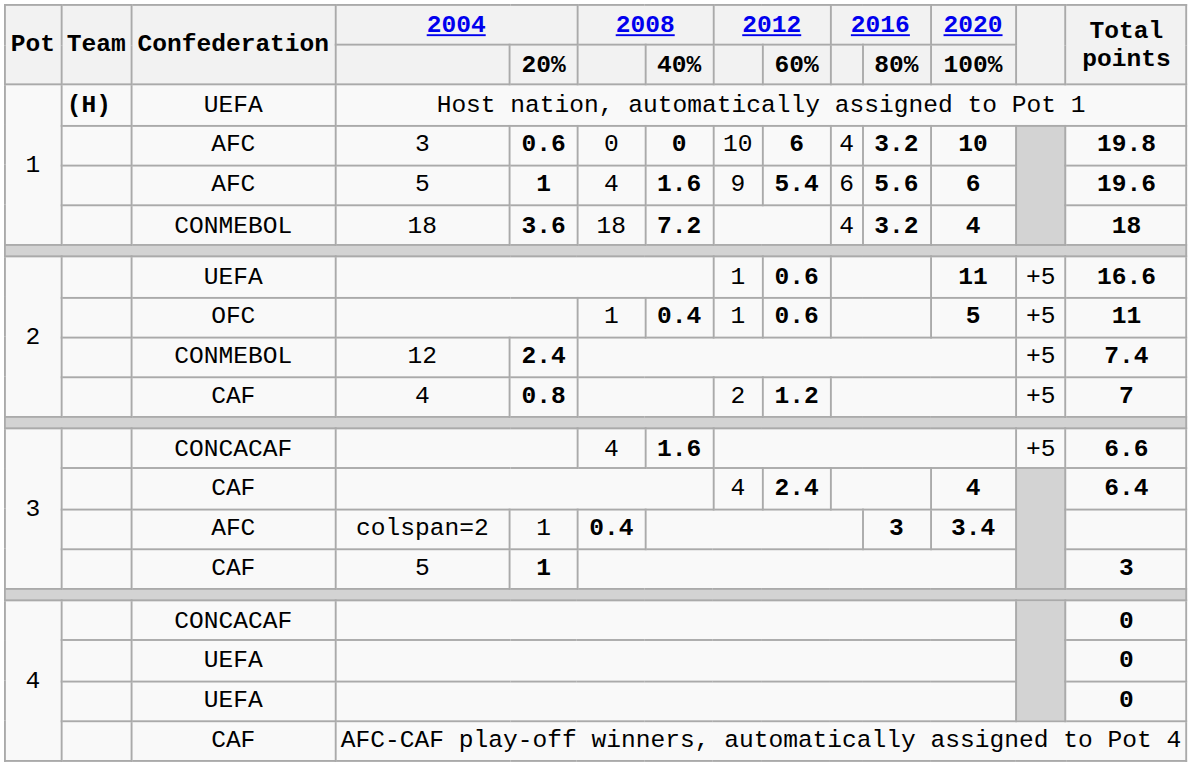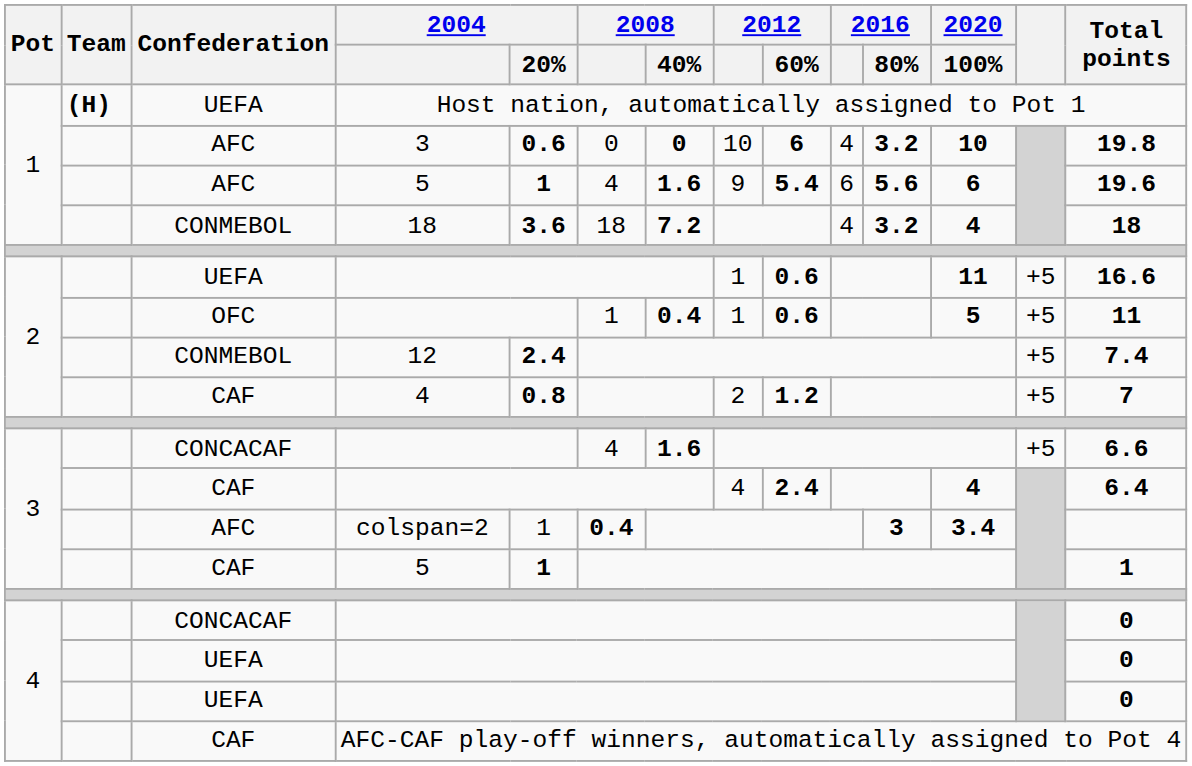 <table class="wikitable" style="text-align:center">
 <tr>
 <th rowspan=2>Pot</th>
 <th rowspan=2>Team</th>
 <th rowspan=2>Confederation</th>
 <th colspan=2><a href='#'>2004</a></th>
 <th colspan=2><a href='#'>2008</a></th>
 <th colspan=2><a href='#'>2012</a></th>
 <th colspan=2><a href='#'>2016</a></th>
 <th><a href='#'>2020</a></th>
 <th rowspan=2></th>
 <th rowspan=2>Total<br>points</th>
 </tr>
 <tr>
 <th></th>
 <th>20%</th>
 <th></th>
 <th>40%</th>
 <th></th>
 <th>60%</th>
 <th></th>
 <th>80%</th>
 <th> 100%</th>
 </tr>
 <tr>
 <td rowspan=4>1</td>
 <td align=left> <strong>(H)</strong></td>
 <td>UEFA</td>
 <td colspan=12>Host nation, automatically assigned to Pot 1</td>
 </tr>
 <tr>
 <td align=left> </td>
 <td>AFC</td>
 <td>3</td>
 <td><strong>0.6</strong></td>
 <td>0</td>
 <td><strong>0</strong></td>
 <td>10</td>
 <td><strong>6</strong></td>
 <td>4</td>
 <td><strong>3.2</strong></td>
 <td><strong>10</strong></td>
 <td rowspan=3 bgcolor=lightgrey></td>
 <td><strong>19.8</strong></td>
 </tr>
 <tr>
 <td align=left> </td>
 <td>AFC</td>
 <td>5</td>
 <td><strong>1</strong></td>
 <td>4</td>
 <td><strong>1.6</strong></td>
 <td>9</td>
 <td><strong>5.4</strong></td>
 <td>6</td>
 <td><strong>5.6</strong></td>
 <td><strong>6</strong></td>
 <td><strong>19.6</strong></td>
 </tr>
 <tr>
 <td align=left></td>
 <td>CONMEBOL</td>
 <td>18</td>
 <td><strong>3.6</strong></td>
 <td>18</td>
 <td><strong>7.2</strong></td>
 <td colspan=2></td>
 <td>4</td>
 <td><strong>3.2</strong></td>
 <td><strong>4</strong></td>
 <td><strong>18</strong></td>
 </tr>
 <tr>
 <td colspan=14 bgcolor=lightgrey></td>
 </tr>
 <tr>
 <td rowspan=4>2</td>
 <td align=left></td>
 <td>UEFA</td>
 <td colspan="4"></td>
 <td>1</td>
 <td><strong>0.6</strong></td>
 <td colspan=2></td>
 <td><strong>11</strong></td>
 <td>+5</td>
 <td><strong>16.6</strong></td>
 </tr>
 <tr>
 <td align=left></td>
 <td>OFC</td>
 <td colspan=2></td>
 <td>1</td>
 <td><strong>0.4</strong></td>
 <td>1</td>
 <td><strong>0.6</strong></td>
 <td colspan=2></td>
 <td><strong>5</strong></td>
 <td>+5</td>
 <td><strong>11</strong></td>
 </tr>
 <tr>
 <td align=left></td>
 <td>CONMEBOL</td>
 <td>12</td>
 <td><strong>2.4</strong></td>
 <td colspan="7"></td>
 <td>+5</td>
 <td><strong>7.4</strong></td>
 </tr>
 <tr>
 <td align=left></td>
 <td>CAF</td>
 <td>4</td>
 <td><strong>0.8</strong></td>
 <td colspan=2></td>
 <td>2</td>
 <td><strong>1.2</strong></td>
 <td colspan="3"></td>
 <td>+5</td>
 <td><strong>7</strong></td>
 </tr>
 <tr>
 <td colspan=14 bgcolor=lightgrey></td>
 </tr>
 <tr>
 <td rowspan=4>3</td>
 <td align=left></td>
 <td>CONCACAF</td>
 <td colspan=2></td>
 <td>4</td>
 <td><strong>1.6</strong></td>
 <td colspan="5"></td>
 <td>+5</td>
 <td><strong>6.6</strong></td>
 </tr>
 <tr>
 <td align=left></td>
 <td>CAF</td>
 <td colspan="4"></td>
 <td>4</td>
 <td><strong>2.4</strong></td>
 <td colspan=2></td>
 <td><strong>4</strong></td>
 <td rowspan=3 bgcolor=lightgrey></td>
 <td><strong>6.4</strong></td>
 </tr>
 <tr>
 <td align=left> </td>
 <td>AFC</td>
 <td>colspan=2 </td>
 <td>1</td>
 <td><strong>0.4</strong></td>
 <td colspan="4"></td>
 <td><strong>3</strong></td>
 <td><strong>3.4</strong></td>
 </tr>
 <tr>
 <td align=left></td>
 <td>CAF</td>
 <td>5</td>
 <td><strong>1</strong></td>
 <td colspan="7"></td>
-<td><strong>3</strong></td>
+<td><strong>1</strong></td>
 </tr>
 <tr>
 <td colspan=14 bgcolor=lightgrey></td>
 </tr>
 <tr>
 <td rowspan=4>4</td>
 <td align=left></td>
 <td>CONCACAF</td>
 <td colspan="9"></td>
 <td rowspan="3" bgcolor="lightgrey"></td>
 <td><strong>0</strong></td>
 </tr>
 <tr>
 <td align=left></td>
 <td>UEFA</td>
 <td colspan="9"></td>
 <td><strong>0</strong></td>
 </tr>
 <tr>
 <td align=left></td>
 <td>UEFA</td>
 <td colspan="9"></td>
 <td><strong>0</strong></td>
 </tr>
 <tr>
 <td align=left></td>
 <td>CAF</td>
 <td colspan=12>AFC-CAF play-off winners, automatically assigned to Pot 4</td>
 </tr>
 </table>
